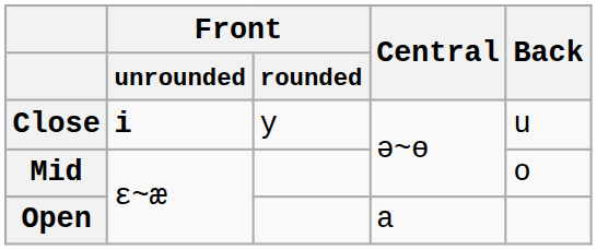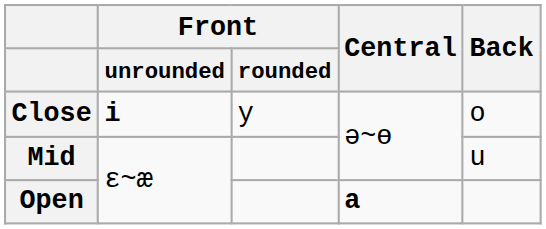 <table class="wikitable">
 <tr>
 <th></th>
 <th colspan="2">Front</th>
 <th rowspan="2">Central</th>
 <th rowspan="2">Back</th>
 </tr>
 <tr>
 <th></th>
 <th><small>unrounded</small></th>
 <th><small>rounded</small></th>
 </tr>
 <tr>
 <th>Close</th>
 <td><strong>i</strong></td>
 <td>y</td>
 <td rowspan="2">ə~ɵ</td>
-<td>u</td>
+<td>o</td>
 </tr>
 <tr>
 <th>Mid</th>
 <td rowspan="2">ɛ~æ</td>
 <td></td>
-<td>o</td>
+<td>u</td>
 </tr>
 <tr>
 <th>Open</th>
 <td></td>
-<td>a</td>
+<td><strong>a</strong></td>
 <td></td>
 </tr>
 </table>
